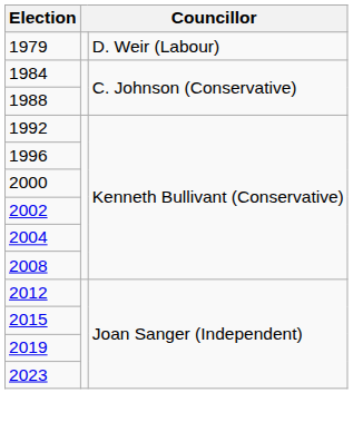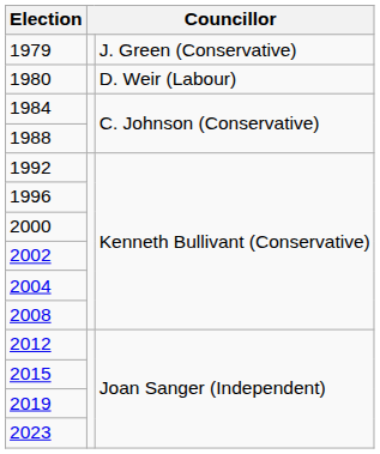 <table class="wikitable">
 <tr>
 <th>Election</th>
 <th colspan="2">Councillor</th>
 </tr>
 <tr>
 <td>1979</td>
+<td style="background-color: "></td>
+<td>J. Green (Conservative)</td>
+</tr>
+<tr>
+<td>1980</td>
 <td style="background-color: "></td>
 <td>D. Weir (Labour)</td>
 </tr>
 <tr>
 <td>1984</td>
 <td rowspan="2" style="background-color: "></td>
 <td rowspan="2">C. Johnson (Conservative)</td>
 </tr>
 <tr>
 <td>1988</td>
 </tr>
 <tr>
 <td>1992</td>
 <td rowspan="6" style="background-color: "></td>
 <td rowspan="6">Kenneth Bullivant (Conservative)</td>
 </tr>
 <tr>
 <td>1996</td>
 </tr>
 <tr>
 <td>2000</td>
 </tr>
 <tr>
 <td><a href='#'>2002</a></td>
 </tr>
 <tr>
 <td><a href='#'>2004</a></td>
 </tr>
 <tr>
 <td><a href='#'>2008</a></td>
 </tr>
 <tr>
 <td><a href='#'>2012</a></td>
 <td rowspan="4" style="background-color: "></td>
 <td rowspan="4">Joan Sanger (Independent)</td>
 </tr>
 <tr>
 <td><a href='#'>2015</a></td>
 </tr>
 <tr>
 <td><a href='#'>2019</a></td>
 </tr>
 <tr>
 <td><a href='#'>2023</a></td>
 </tr>
 </table>
